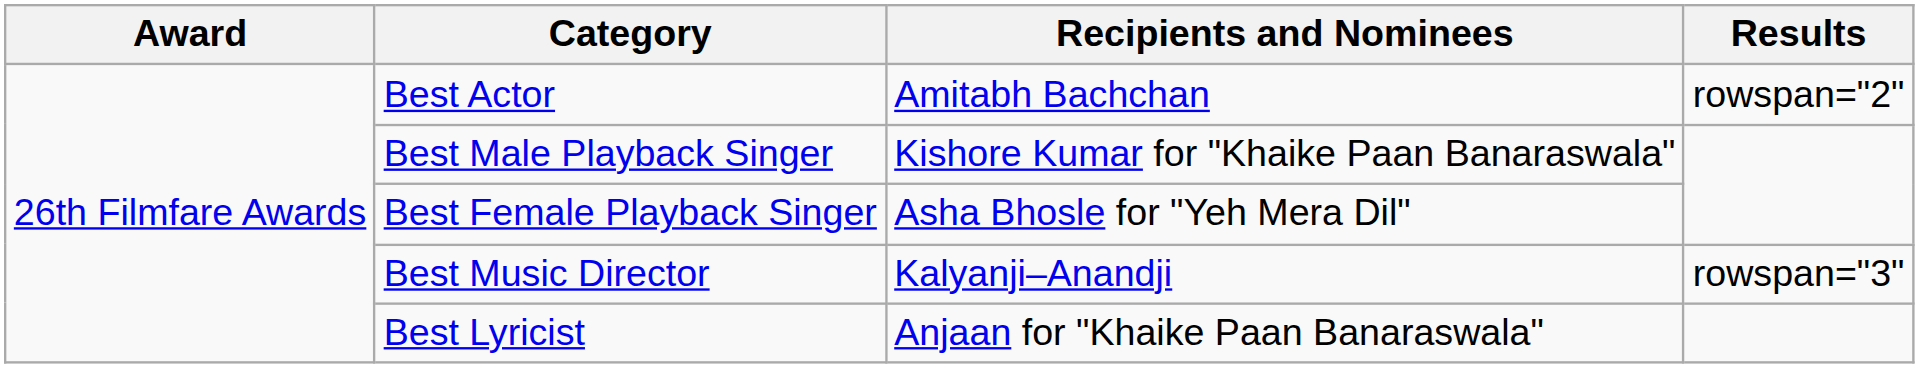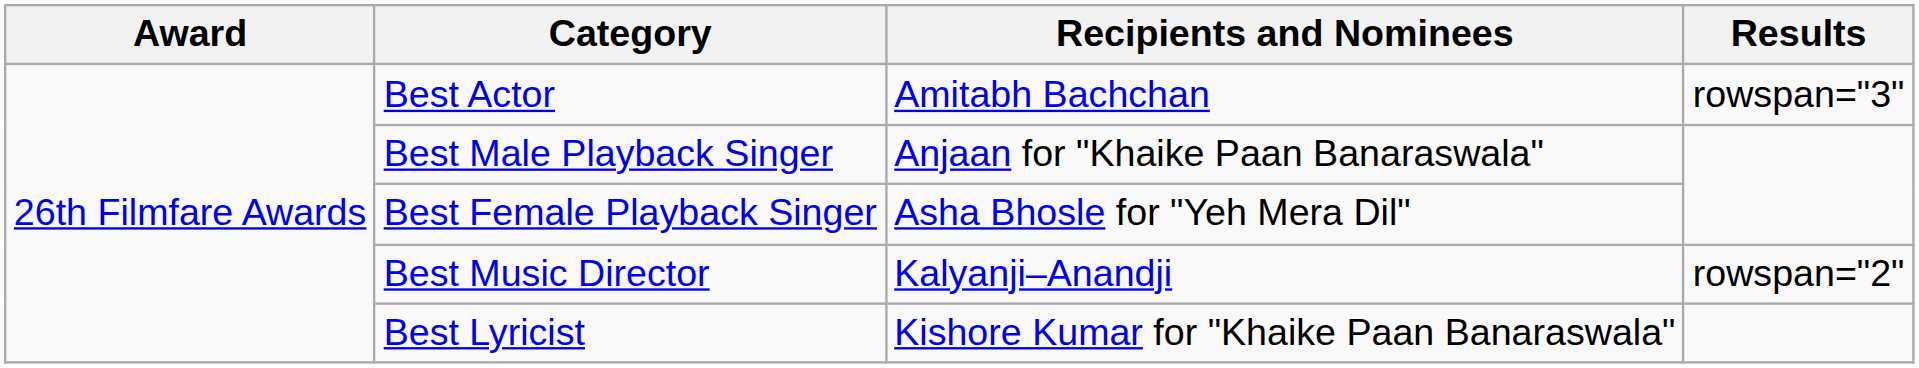 <table class="wikitable plainrowheaders sortable">
 <tr>
 <th>Award</th>
 <th>Category</th>
 <th>Recipients and Nominees</th>
 <th>Results</th>
 </tr>
 <tr>
 <td rowspan="5"><a href='#'>26th Filmfare Awards</a></td>
 <td><a href='#'>Best Actor</a></td>
 <td><a href='#'>Amitabh Bachchan</a></td>
-<td>rowspan="2" </td>
+<td>rowspan="3" </td>
 </tr>
 <tr>
 <td><a href='#'>Best Male Playback Singer</a></td>
-<td><a href='#'>Kishore Kumar</a> for "Khaike Paan Banaraswala"</td>
+<td><a href='#'>Anjaan</a> for "Khaike Paan Banaraswala"</td>
 </tr>
 <tr>
 <td><a href='#'>Best Female Playback Singer</a></td>
 <td><a href='#'>Asha Bhosle</a> for "Yeh Mera Dil"</td>
 </tr>
 <tr>
 <td><a href='#'>Best Music Director</a></td>
 <td><a href='#'>Kalyanji–Anandji</a></td>
-<td>rowspan="3" </td>
+<td>rowspan="2" </td>
 </tr>
 <tr>
 <td><a href='#'>Best Lyricist</a></td>
-<td><a href='#'>Anjaan</a> for "Khaike Paan Banaraswala"</td>
+<td><a href='#'>Kishore Kumar</a> for "Khaike Paan Banaraswala"</td>
 </tr>
 </table>
